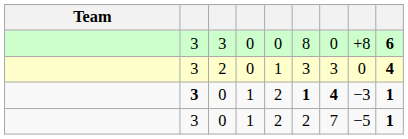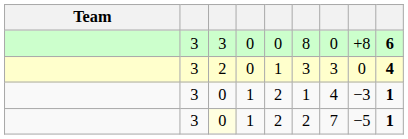 <table class="wikitable" style="text-align:center;">
 <tr>
 <th width=165>Team</th>
 <th width=20></th>
 <th width=20></th>
 <th width=20></th>
 <th width=20></th>
 <th width=20></th>
 <th width=20></th>
 <th width=20></th>
 <th width=20></th>
 </tr>
 <tr bgcolor="#ccffcc">
 <td align="left"></td>
 <td>3</td>
 <td>3</td>
 <td>0</td>
 <td>0</td>
 <td>8</td>
 <td>0</td>
 <td>+8</td>
 <td><strong>6</strong></td>
 </tr>
 <tr bgcolor="#ffffcc">
 <td align="left"></td>
 <td>3</td>
 <td>2</td>
 <td>0</td>
 <td>1</td>
 <td>3</td>
 <td>3</td>
 <td>0</td>
 <td><strong>4</strong></td>
 </tr>
 <tr>
 <td align="left"></td>
-<td><strong>3</strong></td>
+<td>3</td>
 <td>0</td>
 <td>1</td>
 <td>2</td>
-<td><strong>1</strong></td>
-<td><strong>4</strong></td>
+<td>1</td>
+<td>4</td>
 <td>−3</td>
 <td><strong>1</strong></td>
 </tr>
 <tr>
 <td align="left"></td>
 <td>3</td>
-<td>0</td>
+<td style="background: lightyellow;">0</td>
 <td>1</td>
 <td>2</td>
 <td>2</td>
 <td>7</td>
 <td>−5</td>
 <td><strong>1</strong></td>
 </tr>
 </table>
